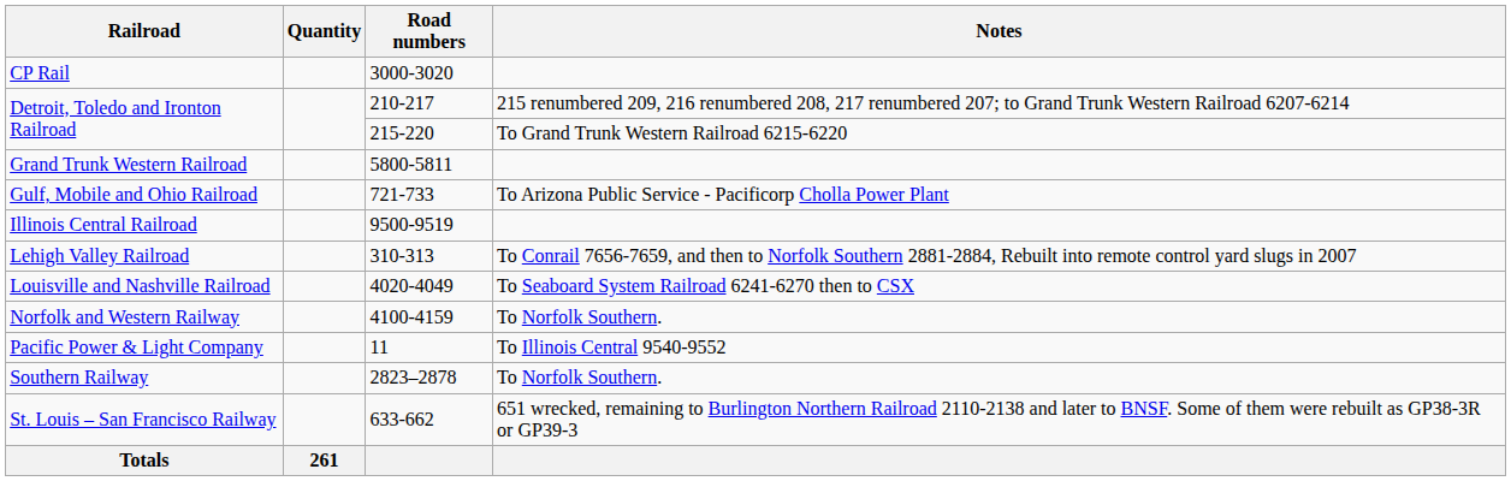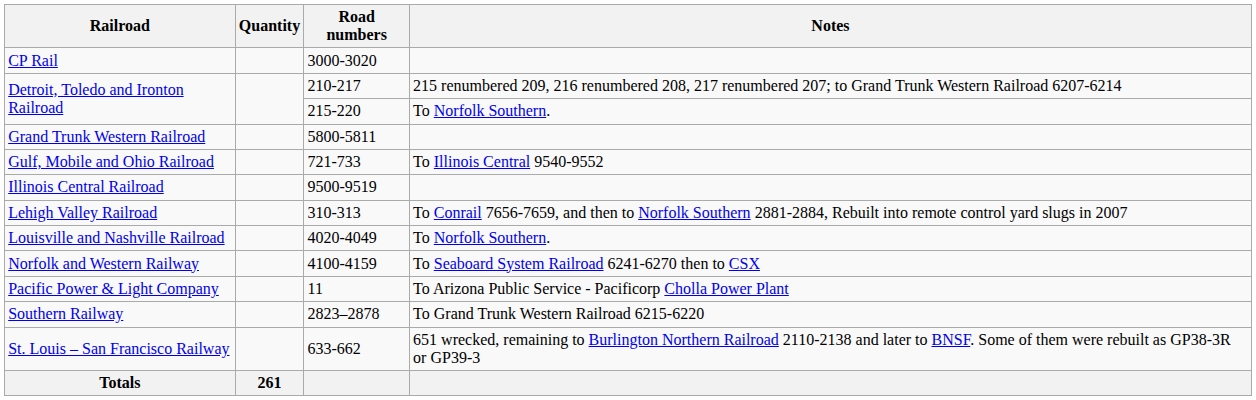 <table class="wikitable">
 <tr>
 <th>Railroad</th>
 <th>Quantity</th>
 <th>Road numbers</th>
 <th>Notes</th>
 </tr>
 <tr>
 <td><a href='#'>CP Rail</a></td>
 <td></td>
 <td>3000-3020</td>
 <td></td>
 </tr>
 <tr>
 <td rowspan="2"><a href='#'>Detroit, Toledo and Ironton Railroad</a></td>
 <td rowspan="2"></td>
 <td>210-217</td>
 <td>215 renumbered 209, 216 renumbered 208, 217 renumbered 207; to Grand Trunk Western Railroad 6207-6214</td>
 </tr>
 <tr>
 <td>215-220</td>
-<td>To Grand Trunk Western Railroad 6215-6220</td>
+<td>To <a href='#'>Norfolk Southern</a>.</td>
 </tr>
 <tr>
 <td><a href='#'>Grand Trunk Western Railroad</a></td>
 <td></td>
 <td>5800-5811</td>
 <td></td>
 </tr>
 <tr>
 <td><a href='#'>Gulf, Mobile and Ohio Railroad</a></td>
 <td></td>
 <td>721-733</td>
-<td>To Arizona Public Service - Pacificorp <a href='#'>Cholla Power Plant</a></td>
+<td>To <a href='#'>Illinois Central</a> 9540-9552</td>
 </tr>
 <tr>
 <td><a href='#'>Illinois Central Railroad</a></td>
 <td></td>
 <td>9500-9519</td>
 <td></td>
 </tr>
 <tr>
 <td><a href='#'>Lehigh Valley Railroad</a></td>
 <td></td>
 <td>310-313</td>
 <td>To <a href='#'>Conrail</a> 7656-7659, and then to <a href='#'>Norfolk Southern</a> 2881-2884, Rebuilt into remote control yard slugs in 2007</td>
 </tr>
 <tr>
 <td><a href='#'>Louisville and Nashville Railroad</a></td>
 <td></td>
 <td>4020-4049</td>
-<td>To <a href='#'>Seaboard System Railroad</a> 6241-6270 then to <a href='#'>CSX</a></td>
+<td>To <a href='#'>Norfolk Southern</a>.</td>
 </tr>
 <tr>
 <td><a href='#'>Norfolk and Western Railway</a></td>
 <td></td>
 <td>4100-4159</td>
-<td>To <a href='#'>Norfolk Southern</a>.</td>
+<td>To <a href='#'>Seaboard System Railroad</a> 6241-6270 then to <a href='#'>CSX</a></td>
 </tr>
 <tr>
 <td><a href='#'>Pacific Power & Light Company</a></td>
 <td></td>
 <td>11</td>
-<td>To <a href='#'>Illinois Central</a> 9540-9552</td>
+<td>To Arizona Public Service - Pacificorp <a href='#'>Cholla Power Plant</a></td>
 </tr>
 <tr>
 <td><a href='#'>Southern Railway</a></td>
 <td></td>
 <td>2823–2878</td>
-<td>To <a href='#'>Norfolk Southern</a>.</td>
+<td>To Grand Trunk Western Railroad 6215-6220</td>
 </tr>
 <tr>
 <td><a href='#'>St. Louis – San Francisco Railway</a></td>
 <td></td>
 <td>633-662</td>
 <td>651 wrecked, remaining to <a href='#'>Burlington Northern Railroad</a> 2110-2138 and later to <a href='#'>BNSF</a>. Some of them were rebuilt as GP38-3R or GP39-3</td>
 </tr>
 <tr>
 <th>Totals</th>
 <th>261</th>
 <th></th>
 <th></th>
 </tr>
 </table>
